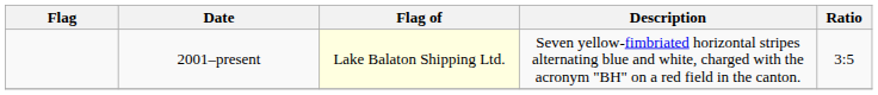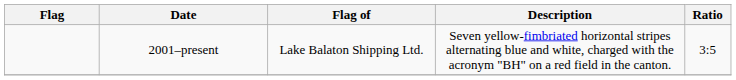 <table class="wikitable" style="text-align:center;">
 <tr>
 <th width="110">Flag</th>
 <th width="200">Date</th>
 <th width="200">Flag of</th>
 <th width="300">Description</th>
 <th width="50">Ratio</th>
 </tr>
 <tr>
 <td></td>
 <td>2001–present</td>
-<td style="background: lightyellow;">Lake Balaton Shipping Ltd.</td>
+<td>Lake Balaton Shipping Ltd.</td>
 <td>Seven yellow-<a href='#'>fimbriated</a> horizontal stripes alternating blue and white, charged with the acronym "BH" on a red field in the canton.</td>
 <td>3:5</td>
 </tr>
 <tr>
 </tr>
 </table>
